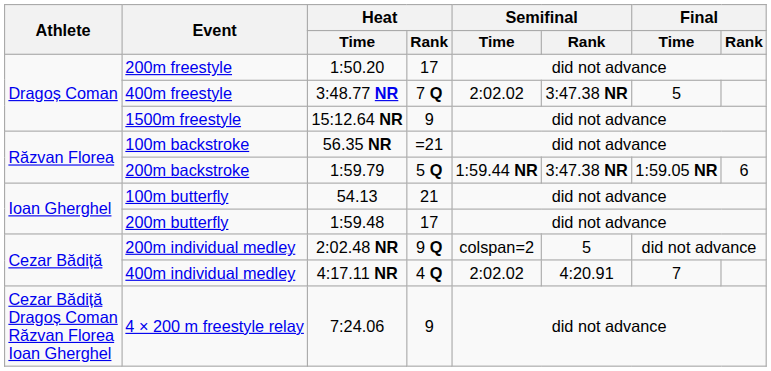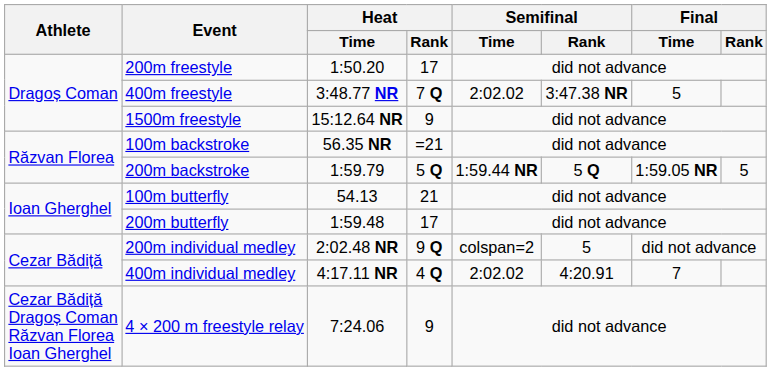 <table class=wikitable style="font-size:90%">
 <tr>
 <th rowspan="2">Athlete</th>
 <th rowspan="2">Event</th>
 <th colspan="2">Heat</th>
 <th colspan="2">Semifinal</th>
 <th colspan="2">Final</th>
 </tr>
 <tr style="font-size:95%">
 <th>Time</th>
 <th>Rank</th>
 <th>Time</th>
 <th>Rank</th>
 <th>Time</th>
 <th>Rank</th>
 </tr>
 <tr align=center>
 <td align=left rowspan=3><a href='#'>Dragoș Coman</a></td>
 <td align=left><a href='#'>200m freestyle</a></td>
 <td>1:50.20</td>
 <td>17</td>
 <td colspan=4>did not advance</td>
 </tr>
 <tr align=center>
 <td align=left><a href='#'>400m freestyle</a></td>
 <td>3:48.77 <strong><a href='#'>NR</a></strong></td>
 <td>7 <strong>Q</strong></td>
 <td>2:02.02</td>
 <td>3:47.38 <strong>NR</strong></td>
 <td>5</td>
 </tr>
 <tr align=center>
 <td align=left><a href='#'>1500m freestyle</a></td>
 <td>15:12.64 <strong>NR</strong></td>
 <td>9</td>
 <td colspan=4>did not advance</td>
 </tr>
 <tr align=center>
 <td align=left rowspan=2><a href='#'>Răzvan Florea</a></td>
 <td align=left><a href='#'>100m backstroke</a></td>
 <td>56.35 <strong>NR</strong></td>
 <td>=21</td>
 <td colspan=4>did not advance</td>
 </tr>
 <tr align=center>
 <td align=left><a href='#'>200m backstroke</a></td>
 <td>1:59.79</td>
 <td>5 <strong>Q</strong></td>
 <td>1:59.44 <strong>NR</strong></td>
-<td>3:47.38 <strong>NR</strong></td>
+<td>5 <strong>Q</strong></td>
 <td>1:59.05 <strong>NR</strong></td>
-<td>6</td>
+<td>5</td>
 </tr>
 <tr align=center>
 <td align=left rowspan=2><a href='#'>Ioan Gherghel</a></td>
 <td align=left><a href='#'>100m butterfly</a></td>
 <td>54.13</td>
 <td>21</td>
 <td colspan=4>did not advance</td>
 </tr>
 <tr align=center>
 <td align=left><a href='#'>200m butterfly</a></td>
 <td>1:59.48</td>
 <td>17</td>
 <td colspan=4>did not advance</td>
 </tr>
 <tr align=center>
 <td align=left rowspan=2><a href='#'>Cezar Bădiță</a></td>
 <td align=left><a href='#'>200m individual medley</a></td>
 <td>2:02.48 <strong>NR</strong></td>
 <td>9 <strong>Q</strong></td>
 <td>colspan=2 </td>
 <td>5</td>
 <td colspan=2>did not advance</td>
 </tr>
 <tr align=center>
 <td align=left><a href='#'>400m individual medley</a></td>
 <td>4:17.11 <strong>NR</strong></td>
 <td>4 <strong>Q</strong></td>
 <td>2:02.02</td>
 <td>4:20.91</td>
 <td>7</td>
 </tr>
 <tr align=center>
 <td align=left><a href='#'>Cezar Bădiță</a><br> <a href='#'>Dragoș Coman</a><br> <a href='#'>Răzvan Florea</a><br> <a href='#'>Ioan Gherghel</a></td>
 <td align=left><a href='#'>4 × 200 m freestyle relay</a></td>
 <td>7:24.06</td>
 <td>9</td>
 <td colspan=4>did not advance</td>
 </tr>
 </table>
